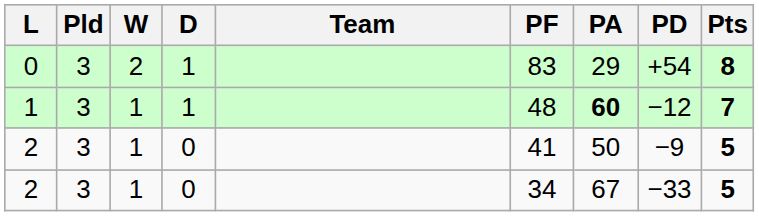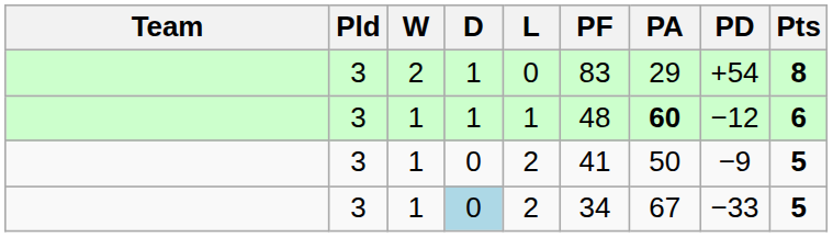 <table class="wikitable" style="text-align:center;">
 <tr>
-<th width=25 abbr="Lost">L</th>
+<th width=175>Team</th>
 <th width=25 abbr="Played">Pld</th>
 <th width=25 abbr="Won">W</th>
 <th width=25 abbr="Drawn">D</th>
-<th width=175>Team</th>
+<th width=25 abbr="Lost">L</th>
 <th width=32 abbr="Points for">PF</th>
 <th width=32 abbr="Points against">PA</th>
 <th width=32 abbr="Points difference">PD</th>
 <th width=25 abbr="Points">Pts</th>
 </tr>
 <tr bgcolor=ccffcc>
-<td>0</td>
+<td align=left></td>
 <td>3</td>
 <td>2</td>
 <td>1</td>
-<td align=left></td>
+<td>0</td>
 <td>83</td>
 <td>29</td>
 <td>+54</td>
 <td><strong>8</strong></td>
 </tr>
 <tr bgcolor=ccffcc>
-<td>1</td>
+<td align=left></td>
 <td>3</td>
 <td>1</td>
 <td>1</td>
-<td align=left></td>
+<td>1</td>
 <td>48</td>
 <td><strong>60</strong></td>
 <td>−12</td>
-<td><strong>7</strong></td>
+<td><strong>6</strong></td>
 </tr>
 <tr>
-<td>2</td>
+<td align="left"></td>
 <td>3</td>
 <td>1</td>
 <td>0</td>
-<td align="left"></td>
+<td>2</td>
 <td>41</td>
 <td>50</td>
 <td>−9</td>
 <td><strong>5</strong></td>
 </tr>
 <tr>
-<td>2</td>
+<td align="left"></td>
 <td>3</td>
 <td>1</td>
-<td>0</td>
-<td align="left"></td>
+<td style="background: lightblue;">0</td>
+<td>2</td>
 <td>34</td>
 <td>67</td>
 <td>−33</td>
 <td><strong>5</strong></td>
 </tr>
 </table>
